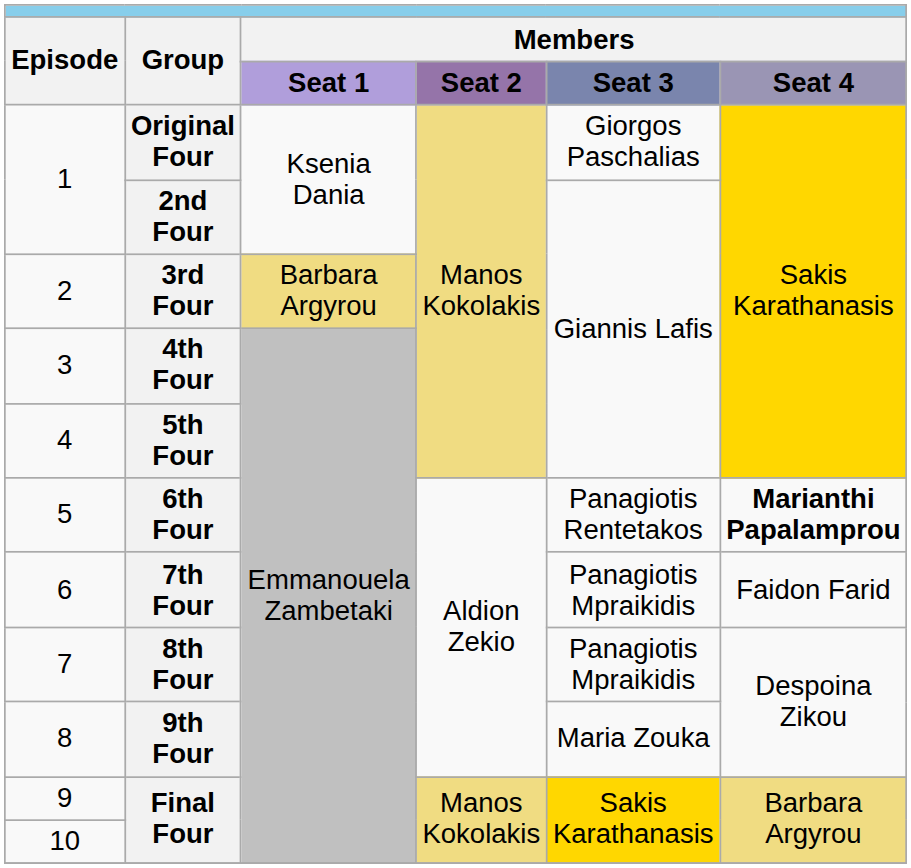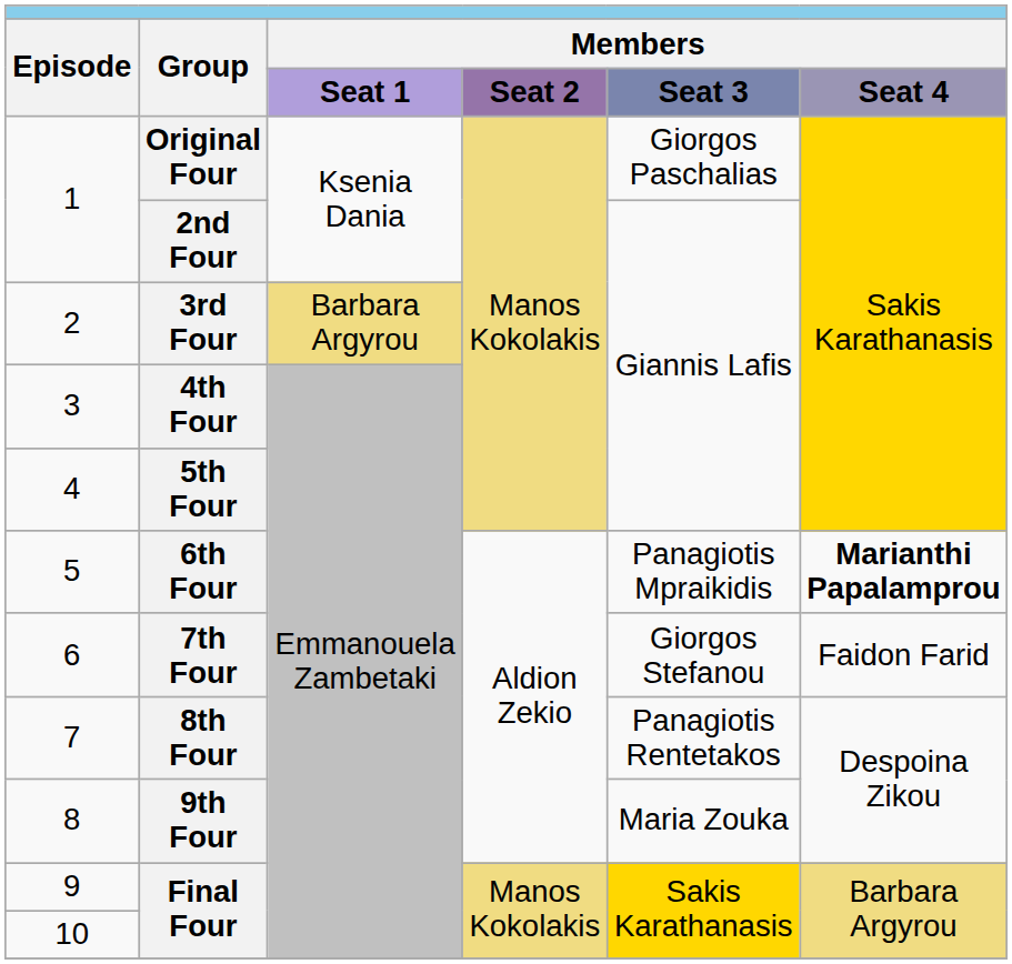 <table class="wikitable" style="text-align:center; font-size:100%; width:70%;">
 <tr>
 <td colspan="6" scope="col" bgcolor="skyblue"><strong></strong></td>
 </tr>
 <tr>
 <th style="width:10%;" rowspan="2">Episode</th>
 <th style="width:20%;" rowspan="2">Group</th>
 <th colspan="4'">Members</th>
 </tr>
 <tr>
 <td style="width:18%;" bgcolor="#B09EDB"><strong>Seat 1</strong></td>
 <td style="width:18%;" bgcolor="#9574A9"><strong>Seat 2</strong></td>
 <td style="width:18%;" bgcolor="#7A85AD"><strong>Seat 3</strong></td>
 <td style="width:18%;" bgcolor="#9A95B4"><strong>Seat 4</strong></td>
 </tr>
 <tr>
 <td rowspan="2">1</td>
 <th>Original Four</th>
 <td rowspan="2">Ksenia Dania</td>
 <td rowspan="5" bgcolor="#F0DC82">Manos Kokolakis</td>
 <td>Giorgos Paschalias</td>
 <td rowspan="5" bgcolor="gold">Sakis Karathanasis</td>
 </tr>
 <tr>
 <th>2nd Four</th>
 <td rowspan="4">Giannis Lafis</td>
 </tr>
 <tr>
 <td>2</td>
 <th>3rd Four</th>
 <td bgcolor="#F0DC82">Barbara Argyrou</td>
 </tr>
 <tr>
 <td>3</td>
 <th>4th Four</th>
 <td rowspan="8" bgcolor="silver">Emmanouela Zambetaki</td>
 </tr>
 <tr>
 <td>4</td>
 <th>5th Four</th>
 </tr>
 <tr>
 <td>5</td>
 <th>6th Four</th>
 <td rowspan="4">Aldion Zekio</td>
-<td>Panagiotis Rentetakos</td>
+<td>Panagiotis Mpraikidis</td>
 <td><strong>Marianthi Papalamprou</strong></td>
 </tr>
 <tr>
 <td>6</td>
 <th>7th Four</th>
-<td>Panagiotis Mpraikidis</td>
+<td>Giorgos Stefanou</td>
 <td>Faidon Farid</td>
 </tr>
 <tr>
 <td>7</td>
 <th>8th Four</th>
-<td>Panagiotis Mpraikidis</td>
+<td>Panagiotis Rentetakos</td>
 <td rowspan="2">Despoina Zikou</td>
 </tr>
 <tr>
 <td>8</td>
 <th>9th Four</th>
 <td>Maria Zouka</td>
 </tr>
 <tr>
 <td>9</td>
 <th rowspan="2">Final Four</th>
 <td rowspan="2" bgcolor="#F0DC82">Manos Kokolakis</td>
 <td rowspan="2" bgcolor="gold">Sakis Karathanasis</td>
 <td rowspan="2" bgcolor="#F0DC82">Barbara Argyrou</td>
 </tr>
 <tr>
 <td>10</td>
 </tr>
 <tr>
 </tr>
 </table>
